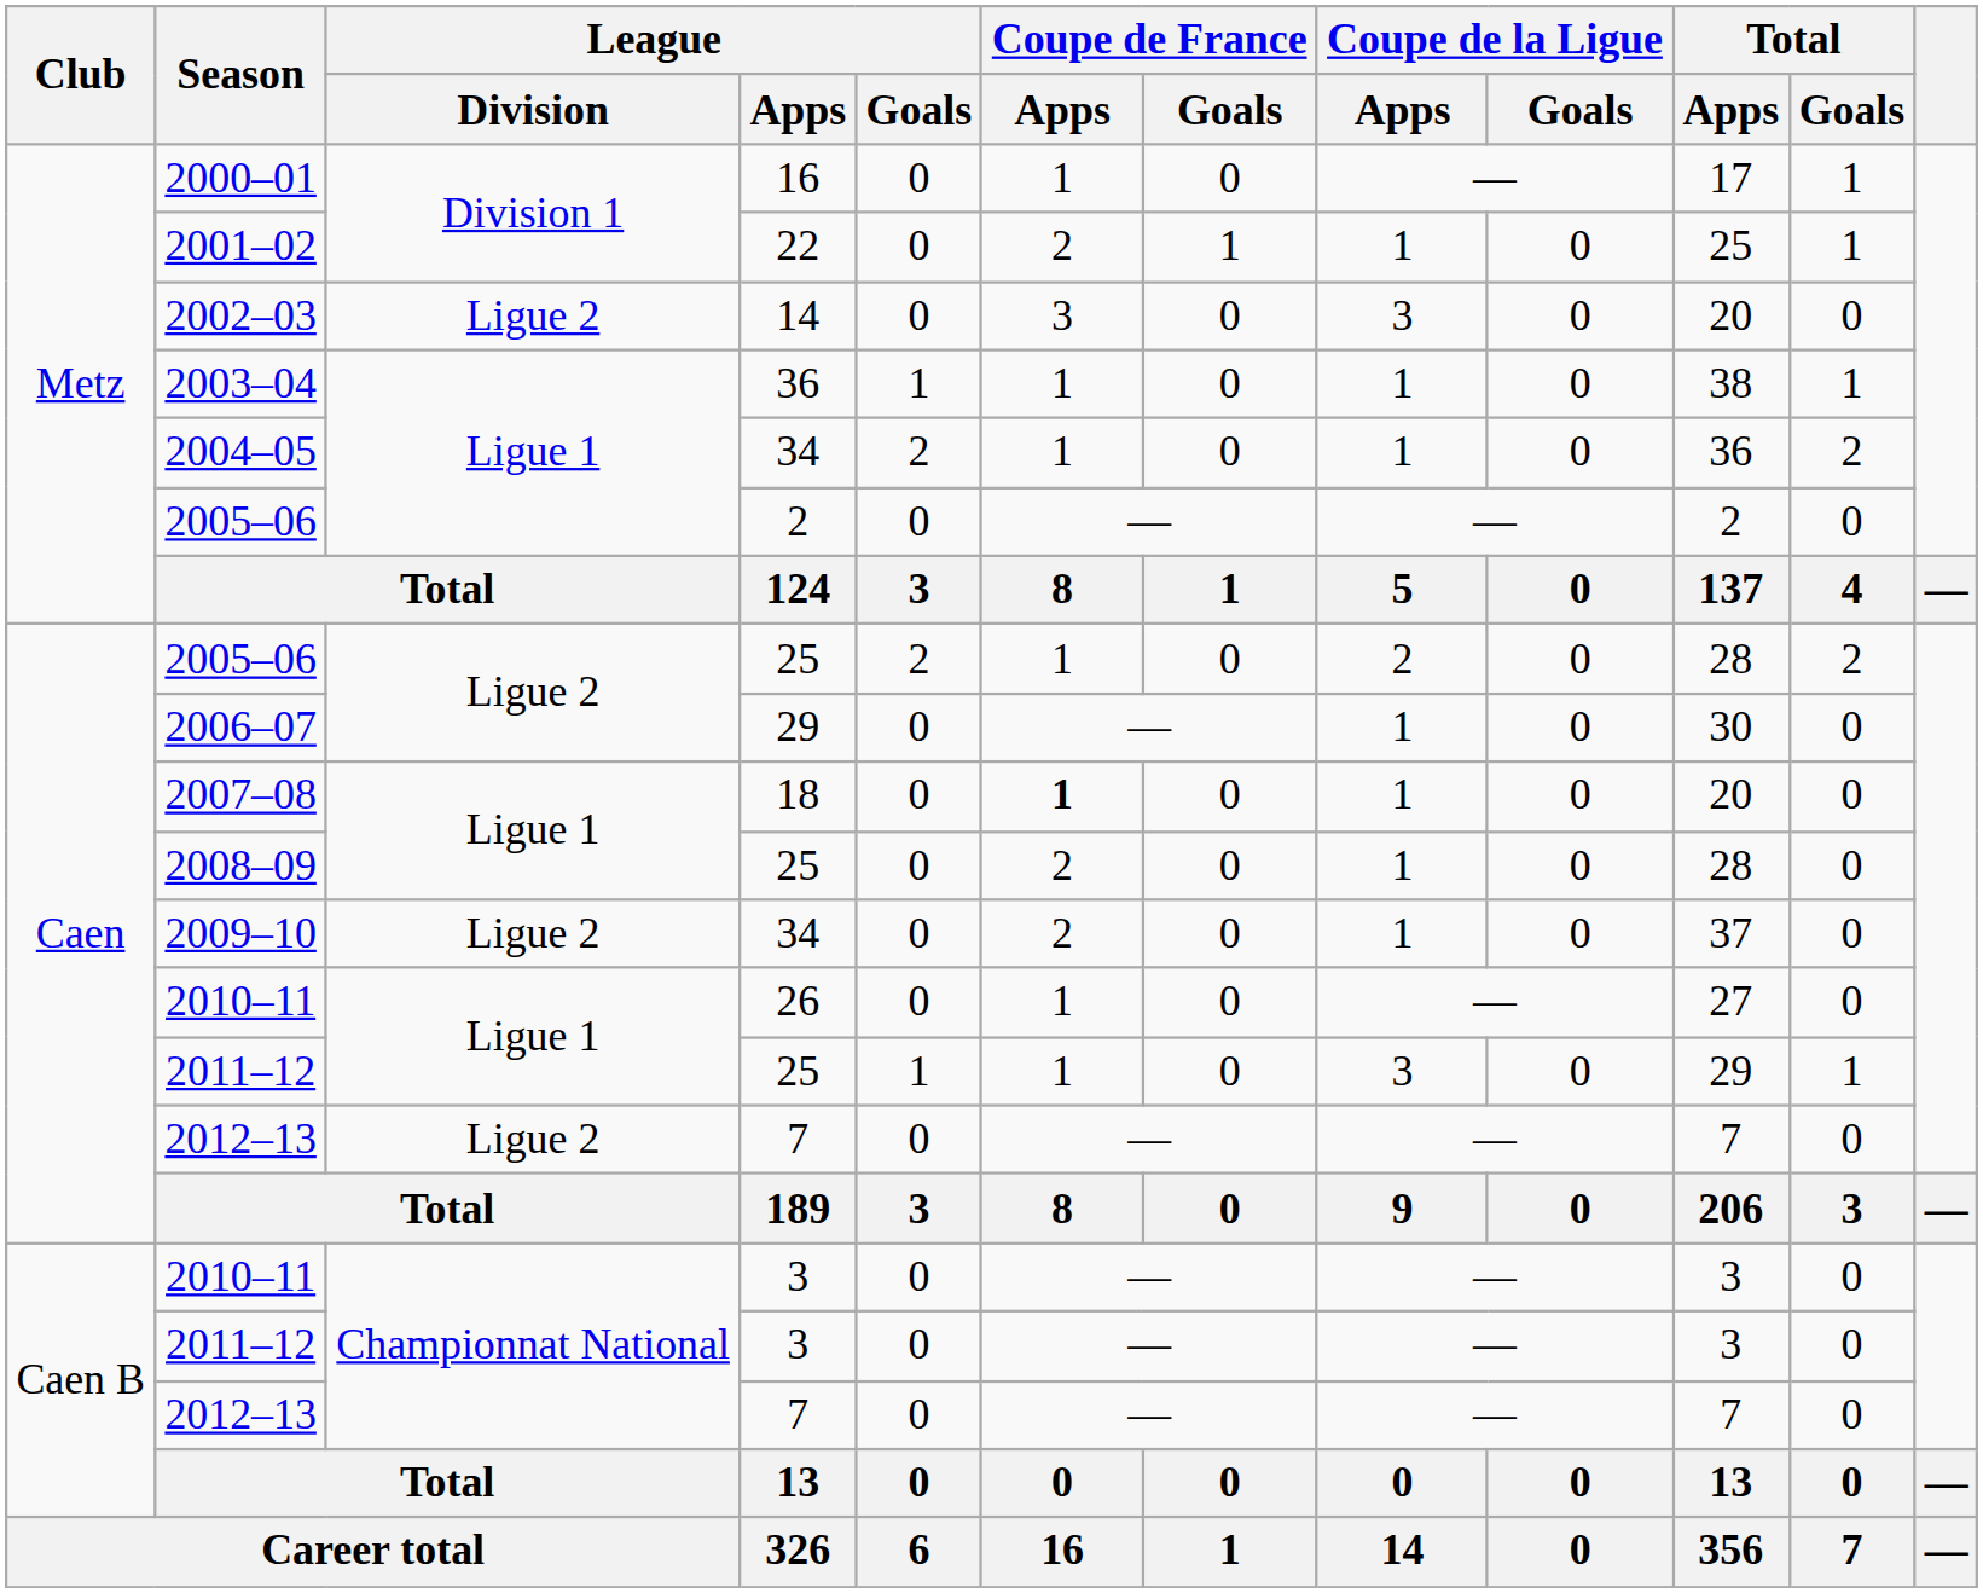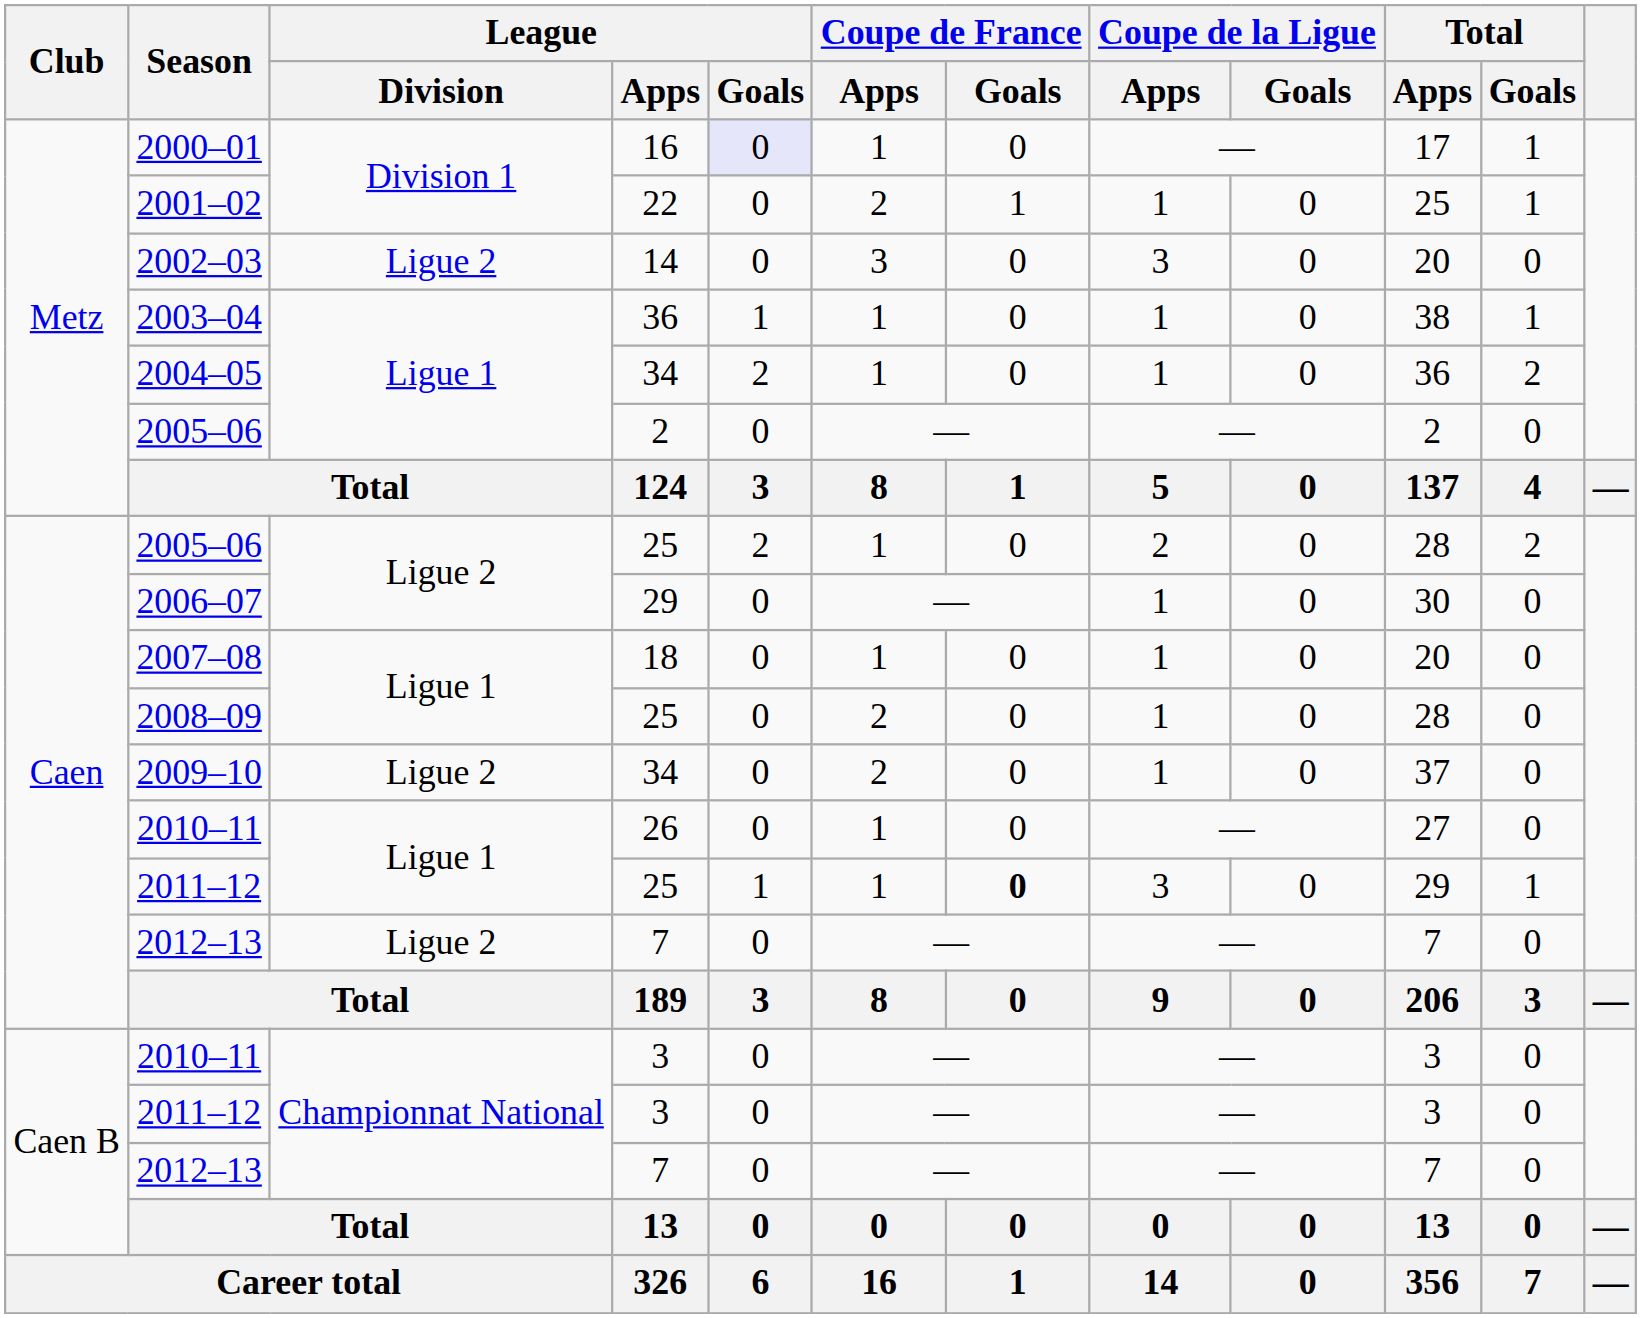 <table class="wikitable" style="text-align:center">
 <tr>
 <th rowspan=2>Club</th>
 <th rowspan=2>Season</th>
 <th colspan=3>League</th>
 <th colspan=2><a href='#'>Coupe de France</a></th>
 <th colspan=2><a href='#'>Coupe de la Ligue</a></th>
 <th colspan=2>Total</th>
 <th rowspan=2></th>
 </tr>
 <tr>
 <th>Division</th>
 <th>Apps</th>
 <th>Goals</th>
 <th>Apps</th>
 <th>Goals</th>
 <th>Apps</th>
 <th>Goals</th>
 <th>Apps</th>
 <th>Goals</th>
 </tr>
 <tr>
 <td rowspan=7><a href='#'>Metz</a></td>
 <td><a href='#'>2000–01</a></td>
 <td rowspan=2><a href='#'>Division 1</a></td>
 <td>16</td>
-<td>0</td>
+<td style="background: lavender;">0</td>
 <td>1</td>
 <td>0</td>
 <td colspan=2>—</td>
 <td>17</td>
 <td>1</td>
 <td rowspan=6></td>
 </tr>
 <tr>
 <td><a href='#'>2001–02</a></td>
 <td>22</td>
 <td>0</td>
 <td>2</td>
 <td>1</td>
 <td>1</td>
 <td>0</td>
 <td>25</td>
 <td>1</td>
 </tr>
 <tr>
 <td><a href='#'>2002–03</a></td>
 <td><a href='#'>Ligue 2</a></td>
 <td>14</td>
 <td>0</td>
 <td>3</td>
 <td>0</td>
 <td>3</td>
 <td>0</td>
 <td>20</td>
 <td>0</td>
 </tr>
 <tr>
 <td><a href='#'>2003–04</a></td>
 <td rowspan=3><a href='#'>Ligue 1</a></td>
 <td>36</td>
 <td>1</td>
 <td>1</td>
 <td>0</td>
 <td>1</td>
 <td>0</td>
 <td>38</td>
 <td>1</td>
 </tr>
 <tr>
 <td><a href='#'>2004–05</a></td>
 <td>34</td>
 <td>2</td>
 <td>1</td>
 <td>0</td>
 <td>1</td>
 <td>0</td>
 <td>36</td>
 <td>2</td>
 </tr>
 <tr>
 <td><a href='#'>2005–06</a></td>
 <td>2</td>
 <td>0</td>
 <td colspan=2>—</td>
 <td colspan=2>—</td>
 <td>2</td>
 <td>0</td>
 </tr>
 <tr>
 <th colspan=2>Total</th>
 <th>124</th>
 <th>3</th>
 <th>8</th>
 <th>1</th>
 <th>5</th>
 <th>0</th>
 <th>137</th>
 <th>4</th>
 <th>—</th>
 </tr>
 <tr>
 <td rowspan=9><a href='#'>Caen</a></td>
 <td><a href='#'>2005–06</a></td>
 <td rowspan=2>Ligue 2</td>
 <td>25</td>
 <td>2</td>
 <td>1</td>
 <td>0</td>
 <td>2</td>
 <td>0</td>
 <td>28</td>
 <td>2</td>
 <td rowspan=8></td>
 </tr>
 <tr>
 <td><a href='#'>2006–07</a></td>
 <td>29</td>
 <td>0</td>
 <td colspan=2>—</td>
 <td>1</td>
 <td>0</td>
 <td>30</td>
 <td>0</td>
 </tr>
 <tr>
 <td><a href='#'>2007–08</a></td>
 <td rowspan=2>Ligue 1</td>
 <td>18</td>
 <td>0</td>
-<td><strong>1</strong></td>
+<td>1</td>
 <td>0</td>
 <td>1</td>
 <td>0</td>
 <td>20</td>
 <td>0</td>
 </tr>
 <tr>
 <td><a href='#'>2008–09</a></td>
 <td>25</td>
 <td>0</td>
 <td>2</td>
 <td>0</td>
 <td>1</td>
 <td>0</td>
 <td>28</td>
 <td>0</td>
 </tr>
 <tr>
 <td><a href='#'>2009–10</a></td>
 <td>Ligue 2</td>
 <td>34</td>
 <td>0</td>
 <td>2</td>
 <td>0</td>
 <td>1</td>
 <td>0</td>
 <td>37</td>
 <td>0</td>
 </tr>
 <tr>
 <td><a href='#'>2010–11</a></td>
 <td rowspan=2>Ligue 1</td>
 <td>26</td>
 <td>0</td>
 <td>1</td>
 <td>0</td>
 <td colspan=2>—</td>
 <td>27</td>
 <td>0</td>
 </tr>
 <tr>
 <td><a href='#'>2011–12</a></td>
 <td>25</td>
 <td>1</td>
 <td>1</td>
-<td>0</td>
+<td><strong>0</strong></td>
 <td>3</td>
 <td>0</td>
 <td>29</td>
 <td>1</td>
 </tr>
 <tr>
 <td><a href='#'>2012–13</a></td>
 <td>Ligue 2</td>
 <td>7</td>
 <td>0</td>
 <td colspan=2>—</td>
 <td colspan=2>—</td>
 <td>7</td>
 <td>0</td>
 </tr>
 <tr>
 <th colspan=2>Total</th>
 <th>189</th>
 <th>3</th>
 <th>8</th>
 <th>0</th>
 <th>9</th>
 <th>0</th>
 <th>206</th>
 <th>3</th>
 <th>—</th>
 </tr>
 <tr>
 <td rowspan=4>Caen B</td>
 <td><a href='#'>2010–11</a></td>
 <td rowspan=3><a href='#'>Championnat National</a></td>
 <td>3</td>
 <td>0</td>
 <td colspan=2>—</td>
 <td colspan=2>—</td>
 <td>3</td>
 <td>0</td>
 <td rowspan=3></td>
 </tr>
 <tr>
 <td><a href='#'>2011–12</a></td>
 <td>3</td>
 <td>0</td>
 <td colspan=2>—</td>
 <td colspan=2>—</td>
 <td>3</td>
 <td>0</td>
 </tr>
 <tr>
 <td><a href='#'>2012–13</a></td>
 <td>7</td>
 <td>0</td>
 <td colspan=2>—</td>
 <td colspan=2>—</td>
 <td>7</td>
 <td>0</td>
 </tr>
 <tr>
 <th colspan=2>Total</th>
 <th>13</th>
 <th>0</th>
 <th>0</th>
 <th>0</th>
 <th>0</th>
 <th>0</th>
 <th>13</th>
 <th>0</th>
 <th>—</th>
 </tr>
 <tr>
 <th colspan=3>Career total</th>
 <th>326</th>
 <th>6</th>
 <th>16</th>
 <th>1</th>
 <th>14</th>
 <th>0</th>
 <th>356</th>
 <th>7</th>
 <th>—</th>
 </tr>
 </table>
